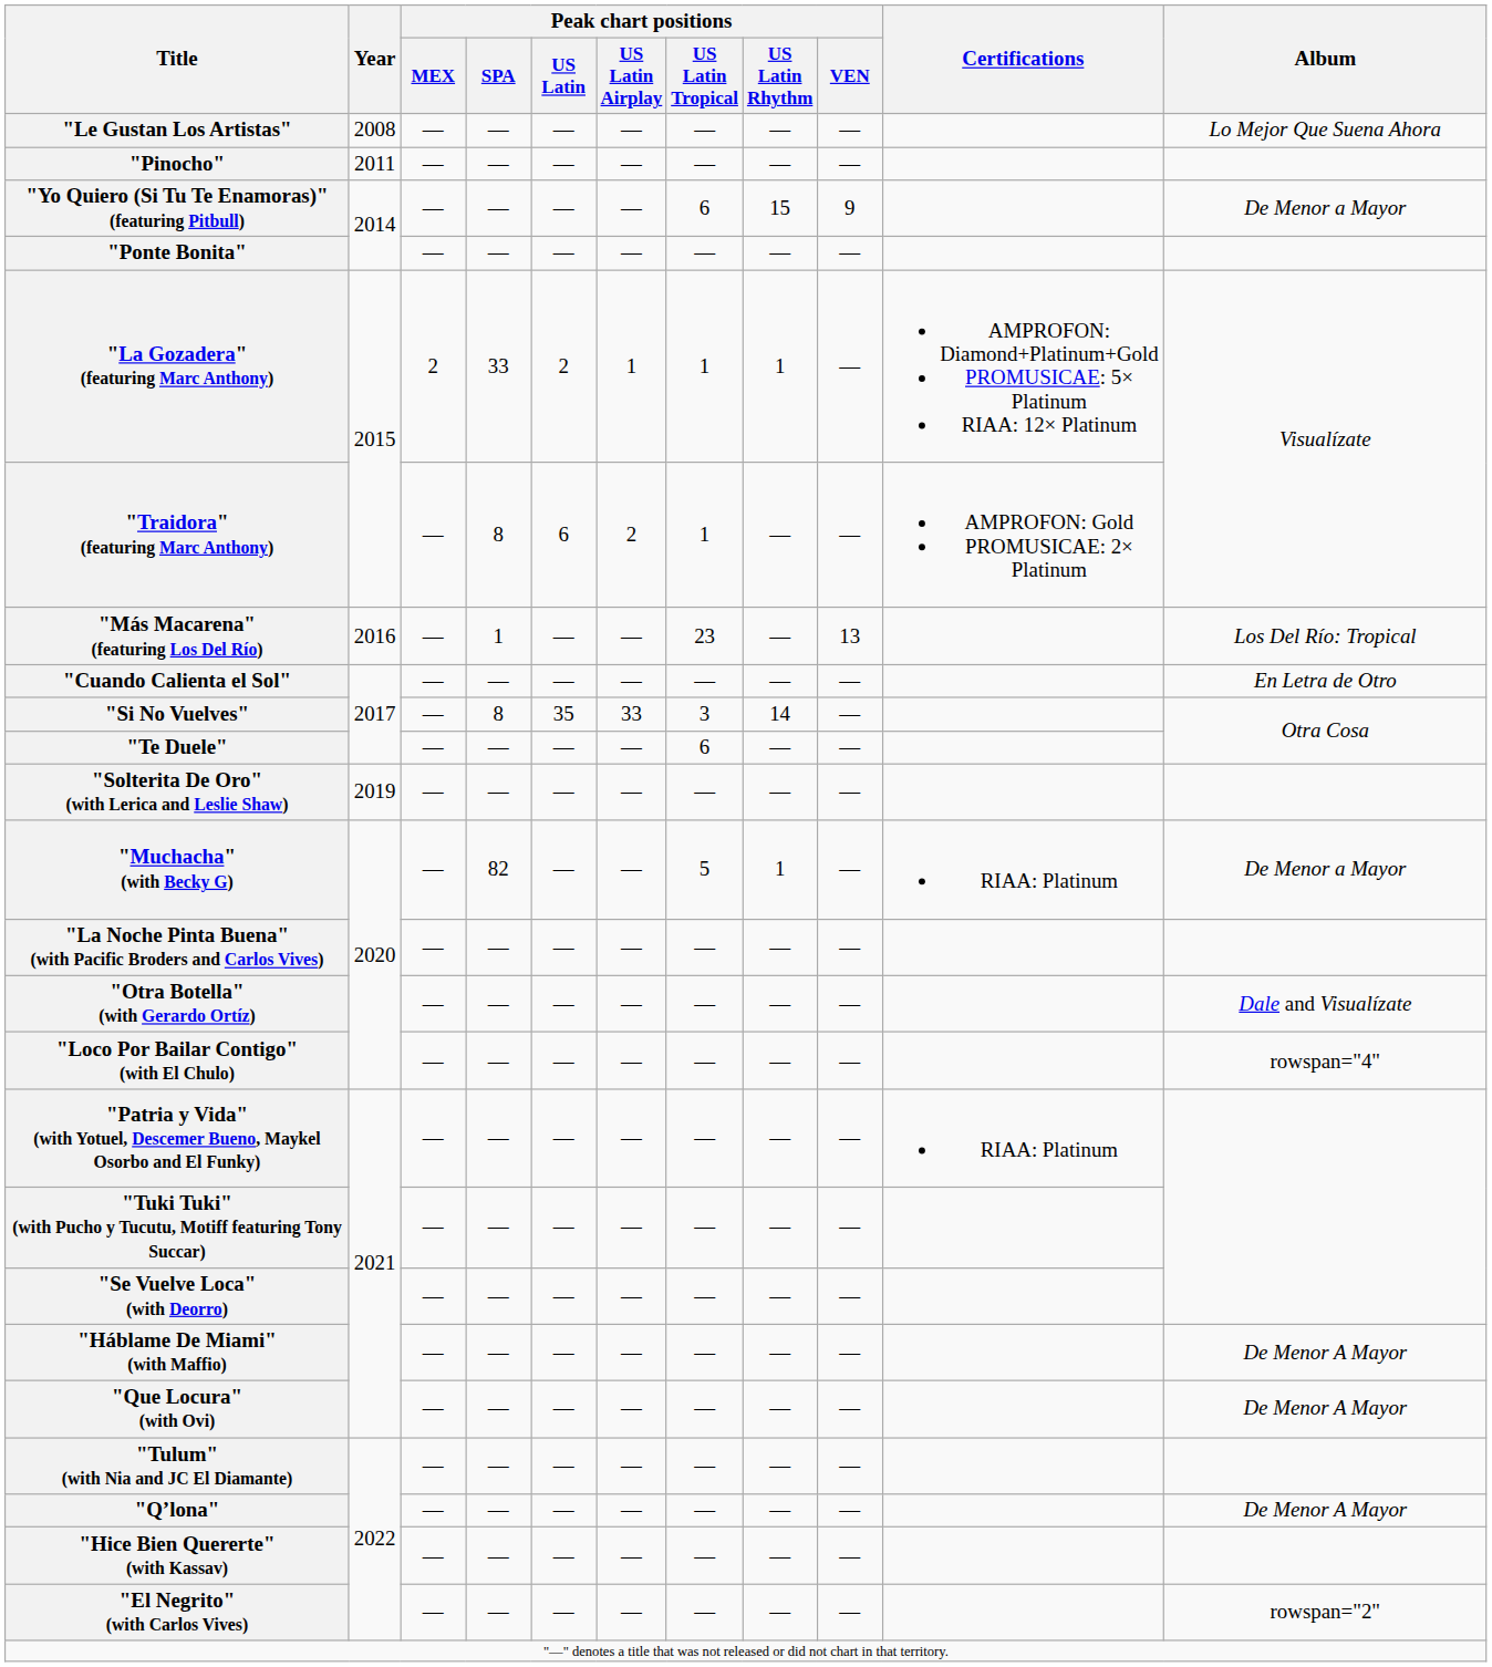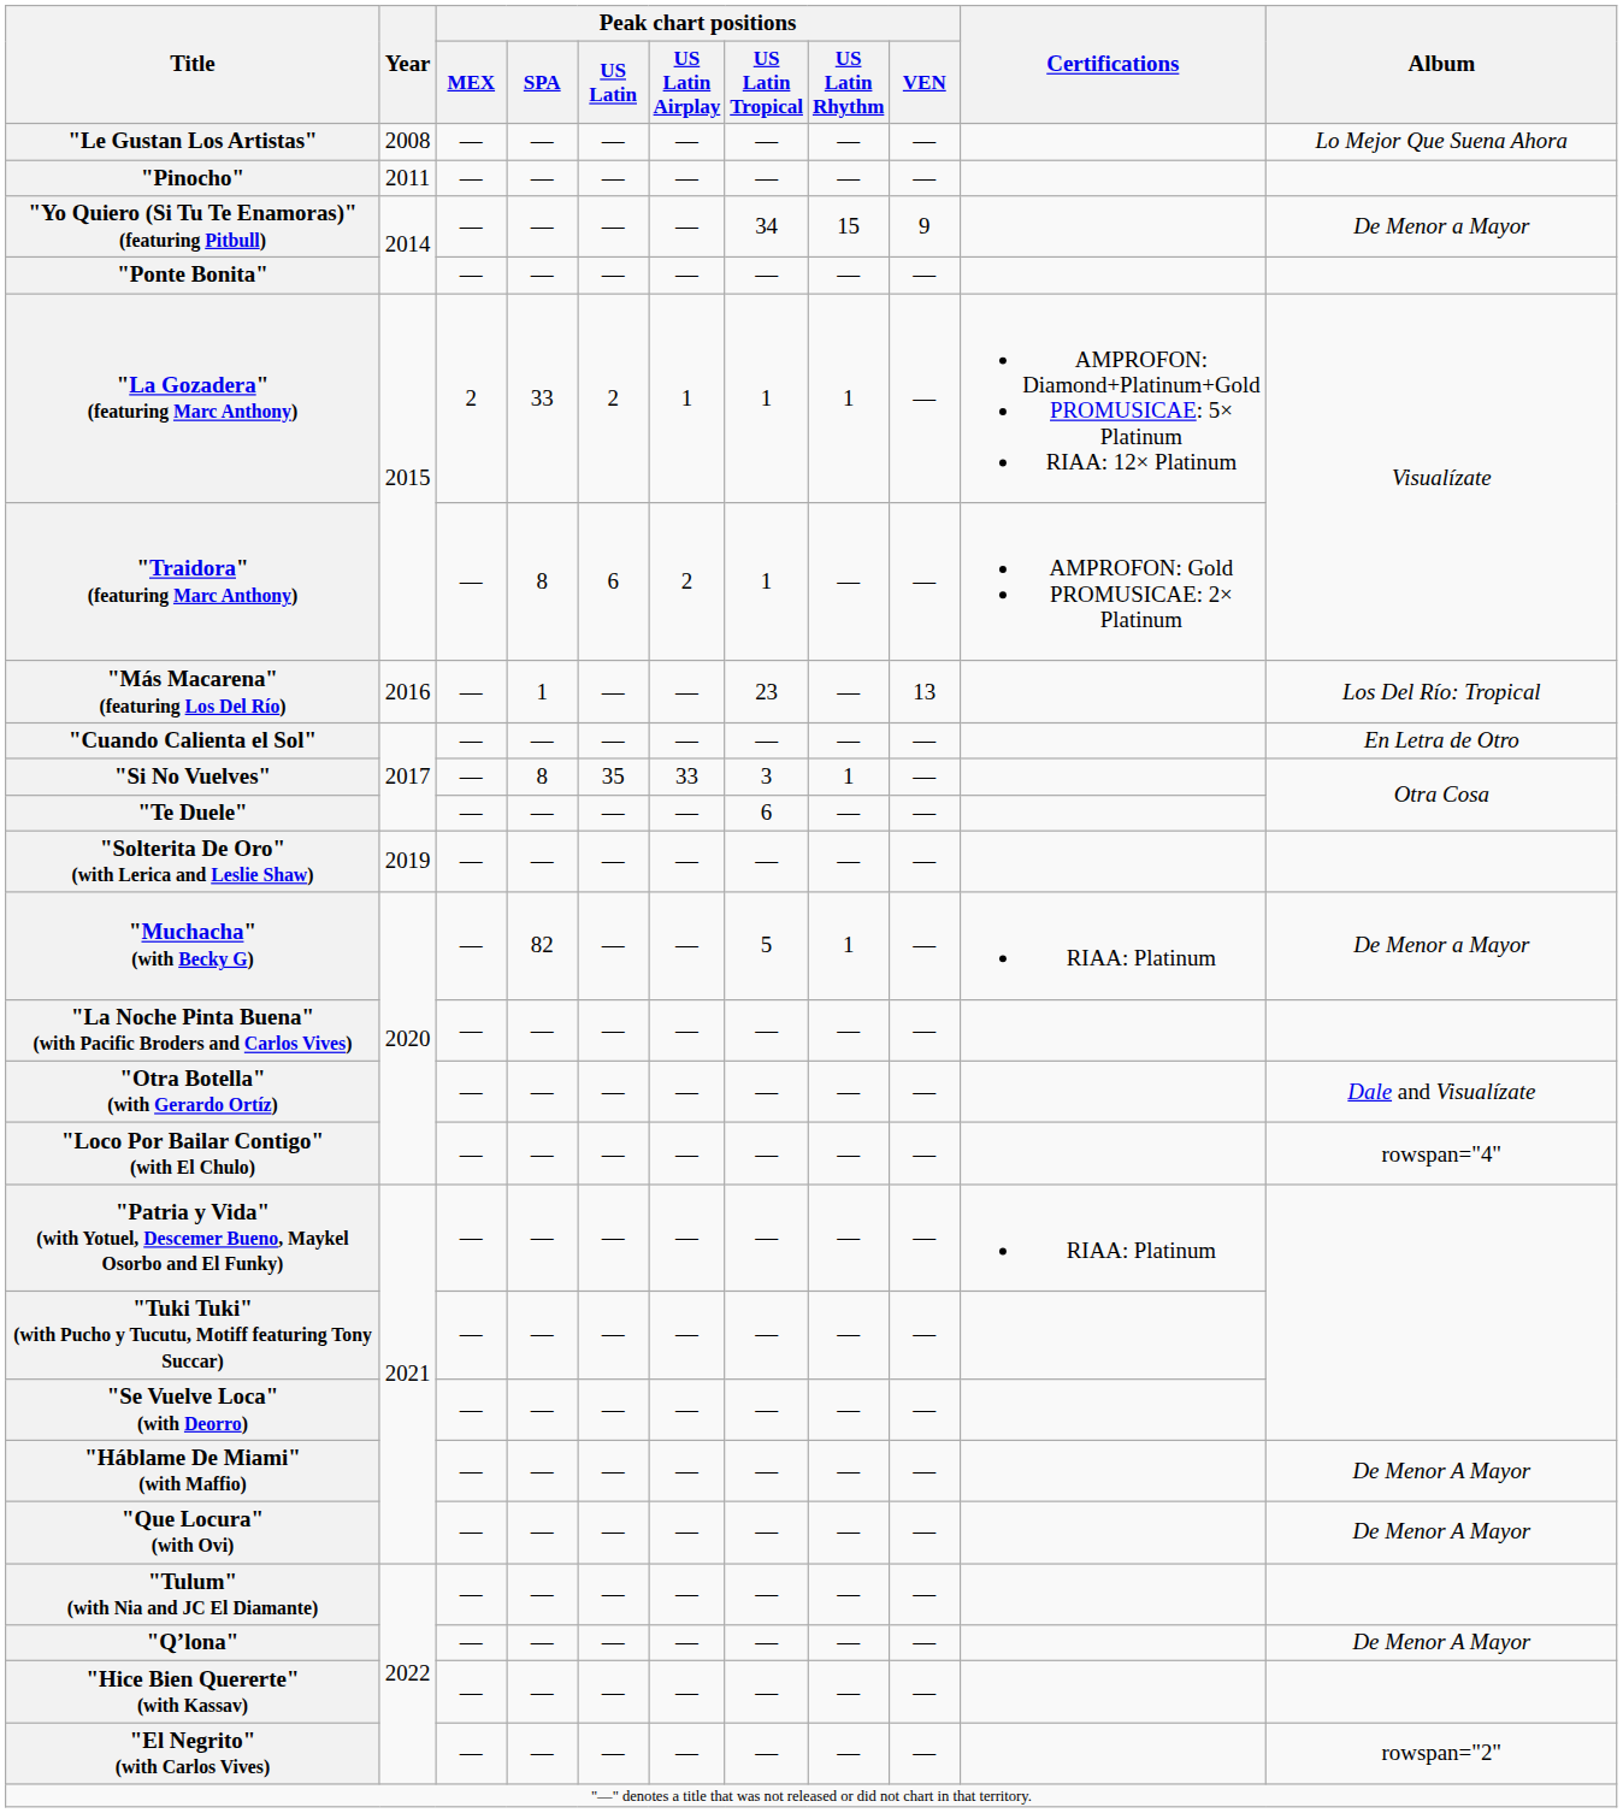 <table class="wikitable plainrowheaders" style="text-align:center;">
 <tr>
 <th scope="col" rowspan="2" style="width:16em;">Title</th>
 <th scope="col" rowspan="2" style="width:1em;">Year</th>
 <th scope="col" colspan="7">Peak chart positions</th>
 <th scope="col" rowspan="2" style="width:13em;"><a href='#'>Certifications</a></th>
 <th scope="col" rowspan="2" style="width:15em;">Album</th>
 </tr>
 <tr>
 <th scope="col" style="width:3em;font-size:90%;"><a href='#'>MEX</a><br></th>
 <th scope="col" style="width:3em;font-size:90%;"><a href='#'>SPA</a><br></th>
 <th scope="col" style="width:3em;font-size:90%;"><a href='#'>US<br>Latin</a><br></th>
 <th scope="col" style="width:3em;font-size:90%;"><a href='#'>US<br>Latin<br>Airplay</a><br></th>
 <th scope="col" style="width:3em;font-size:90%;"><a href='#'>US<br>Latin<br>Tropical</a><br></th>
 <th scope="col" style="width:3em;font-size:90%;"><a href='#'>US<br>Latin<br>Rhythm</a><br></th>
 <th scope="col" style="width:3em;font-size:90%;"><a href='#'>VEN</a><br></th>
 </tr>
 <tr>
 <th scope="row">"Le Gustan Los Artistas"</th>
 <td>2008</td>
 <td>—</td>
 <td>—</td>
 <td>—</td>
 <td>—</td>
 <td>—</td>
 <td>—</td>
 <td>—</td>
 <td></td>
 <td><em>Lo Mejor Que Suena Ahora</em></td>
 </tr>
 <tr>
 <th scope="row">"Pinocho"</th>
 <td>2011</td>
 <td>—</td>
 <td>—</td>
 <td>—</td>
 <td>—</td>
 <td>—</td>
 <td>—</td>
 <td>—</td>
 <td></td>
 <td></td>
 </tr>
 <tr>
 <th scope="row">"Yo Quiero (Si Tu Te Enamoras)" <br><small>(featuring <a href='#'>Pitbull</a>)</small></th>
 <td rowspan="2">2014</td>
 <td>—</td>
 <td>—</td>
 <td>—</td>
 <td>—</td>
-<td>6</td>
+<td>34</td>
 <td>15</td>
 <td>9</td>
 <td></td>
 <td><em>De Menor a Mayor</em></td>
 </tr>
 <tr>
 <th scope="row">"Ponte Bonita"</th>
 <td>—</td>
 <td>—</td>
 <td>—</td>
 <td>—</td>
 <td>—</td>
 <td>—</td>
 <td>—</td>
 <td></td>
 <td></td>
 </tr>
 <tr>
 <th scope="row">"<a href='#'>La Gozadera</a>" <br><small>(featuring <a href='#'>Marc Anthony</a>)</small></th>
 <td rowspan="2">2015</td>
 <td>2</td>
 <td>33</td>
 <td>2</td>
 <td>1</td>
 <td>1</td>
 <td>1</td>
 <td>—</td>
 <td><br><ul><li>AMPROFON: Diamond+Platinum+Gold</li><li><a href='#'>PROMUSICAE</a>: 5× Platinum</li><li>RIAA: 12× Platinum </li></ul></td>
 <td rowspan="2"><em>Visualízate</em></td>
 </tr>
 <tr>
 <th scope="row">"<a href='#'>Traidora</a>" <br><small>(featuring <a href='#'>Marc Anthony</a>)</small></th>
 <td>—</td>
 <td>8</td>
 <td>6</td>
 <td>2</td>
 <td>1</td>
 <td>—</td>
 <td>—</td>
 <td><br><ul><li>AMPROFON: Gold</li><li>PROMUSICAE: 2× Platinum</li></ul></td>
 </tr>
 <tr>
 <th scope="row">"Más Macarena" <br><small>(featuring <a href='#'>Los Del Río</a>)</small></th>
 <td rowspan="1">2016</td>
 <td>—</td>
 <td>1</td>
 <td>—</td>
 <td>—</td>
 <td>23</td>
 <td>—</td>
 <td>13</td>
 <td></td>
 <td><em>Los Del Río: Tropical</em></td>
 </tr>
 <tr>
 <th scope="row">"Cuando Calienta el Sol"</th>
 <td rowspan="3">2017</td>
 <td>—</td>
 <td>—</td>
 <td>—</td>
 <td>—</td>
 <td>—</td>
 <td>—</td>
 <td>—</td>
 <td></td>
 <td><em>En Letra de Otro</em></td>
 </tr>
 <tr>
 <th scope="row">"Si No Vuelves"</th>
 <td>—</td>
 <td>8</td>
 <td>35</td>
 <td>33</td>
 <td>3</td>
-<td>14</td>
+<td>1</td>
 <td>—</td>
 <td></td>
 <td rowspan="2"><em>Otra Cosa</em></td>
 </tr>
 <tr>
 <th scope="row">"Te Duele"</th>
 <td>—</td>
 <td>—</td>
 <td>—</td>
 <td>—</td>
 <td>6</td>
 <td>—</td>
 <td>—</td>
 <td></td>
 </tr>
 <tr>
 <th scope="row">"Solterita De Oro"<br><small>(with Lerica and <a href='#'>Leslie Shaw</a>)</small></th>
 <td rowspan="1">2019</td>
 <td>—</td>
 <td>—</td>
 <td>—</td>
 <td>—</td>
 <td>—</td>
 <td>—</td>
 <td>—</td>
 <td></td>
 <td></td>
 </tr>
 <tr>
 <th scope="row">"<a href='#'>Muchacha</a>"<br><small>(with <a href='#'>Becky G</a>)</small></th>
 <td rowspan="4">2020</td>
 <td>—</td>
 <td>82</td>
 <td>—<br></td>
 <td>—</td>
 <td>5</td>
 <td>1</td>
 <td>—</td>
 <td><br><ul><li>RIAA: Platinum </li></ul></td>
 <td><em>De Menor a Mayor</em></td>
 </tr>
 <tr>
 <th scope="row">"La Noche Pinta Buena"<br><small>(with Pacific Broders and <a href='#'>Carlos Vives</a>)</small></th>
 <td>—</td>
 <td>—</td>
 <td>—</td>
 <td>—</td>
 <td>—</td>
 <td>—</td>
 <td>—</td>
 <td></td>
 <td></td>
 </tr>
 <tr>
 <th scope="row">"Otra Botella"<br><small>(with <a href='#'>Gerardo Ortíz</a>)</small></th>
 <td>—</td>
 <td>—</td>
 <td>—</td>
 <td>—</td>
 <td>—</td>
 <td>—</td>
 <td>—</td>
 <td></td>
 <td><em><a href='#'>Dale</a></em> and <em>Visualízate</em></td>
 </tr>
 <tr>
 <th scope="row">"Loco Por Bailar Contigo"<br><small>(with El Chulo)</small></th>
 <td>—</td>
 <td>—</td>
 <td>—</td>
 <td>—</td>
 <td>—</td>
 <td>—</td>
 <td>—</td>
 <td></td>
 <td>rowspan="4" </td>
 </tr>
 <tr>
 <th scope="row">"Patria y Vida"<br><small>(with Yotuel, <a href='#'>Descemer Bueno</a>, Maykel Osorbo and El Funky)</small></th>
 <td rowspan="5">2021</td>
 <td>—</td>
 <td>—</td>
 <td>—</td>
 <td>—</td>
 <td>—</td>
 <td>—</td>
 <td>—</td>
 <td><br><ul><li>RIAA: Platinum </li></ul></td>
 </tr>
 <tr>
 <th scope="row">"Tuki Tuki"<br><small>(with Pucho y Tucutu, Motiff featuring Tony Succar)</small></th>
 <td>—</td>
 <td>—</td>
 <td>—</td>
 <td>—</td>
 <td>—</td>
 <td>—</td>
 <td>—</td>
 <td></td>
 </tr>
 <tr>
 <th scope="row">"Se Vuelve Loca" <br><small>(with <a href='#'>Deorro</a>)</small></th>
 <td>—</td>
 <td>—</td>
 <td>—</td>
 <td>—</td>
 <td>—</td>
 <td>—</td>
 <td>—</td>
 <td></td>
 </tr>
 <tr>
 <th scope="row">"Háblame De Miami"<br><small>(with Maffio)</small></th>
 <td>—</td>
 <td>—</td>
 <td>—</td>
 <td>—</td>
 <td>—</td>
 <td>—</td>
 <td>—</td>
 <td></td>
 <td><em>De Menor A Mayor</em></td>
 </tr>
 <tr>
 <th scope="row">"Que Locura"<br><small>(with Ovi)</small></th>
 <td>—</td>
 <td>—</td>
 <td>—</td>
 <td>—</td>
 <td>—</td>
 <td>—</td>
 <td>—</td>
 <td></td>
 <td><em>De Menor A Mayor</em></td>
 </tr>
 <tr>
 <th scope="row">"Tulum"<br><small>(with Nia and JC El Diamante)</small></th>
 <td rowspan="4">2022</td>
 <td>—</td>
 <td>—</td>
 <td>—</td>
 <td>—</td>
 <td>—</td>
 <td>—</td>
 <td>—</td>
 <td></td>
 </tr>
 <tr>
 <th scope="row">"Q’lona"</th>
 <td>—</td>
 <td>—</td>
 <td>—</td>
 <td>—</td>
 <td>—</td>
 <td>—</td>
 <td>—</td>
 <td></td>
 <td><em>De Menor A Mayor</em></td>
 </tr>
 <tr>
 <th scope="row">"Hice Bien Quererte"<br><small>(with Kassav)</small></th>
 <td>—</td>
 <td>—</td>
 <td>—</td>
 <td>—</td>
 <td>—</td>
 <td>—</td>
 <td>—</td>
 <td></td>
 <td></td>
 </tr>
 <tr>
 <th scope="row">"El Negrito"<br><small>(with Carlos Vives)</small></th>
 <td>—</td>
 <td>—</td>
 <td>—</td>
 <td>—</td>
 <td>—</td>
 <td>—</td>
 <td>—</td>
 <td></td>
 <td>rowspan="2" </td>
 </tr>
 <tr>
 <td colspan="14" style="text-align:center; font-size:8pt;">"—" denotes a title that was not released or did not chart in that territory.</td>
 </tr>
 </table>
